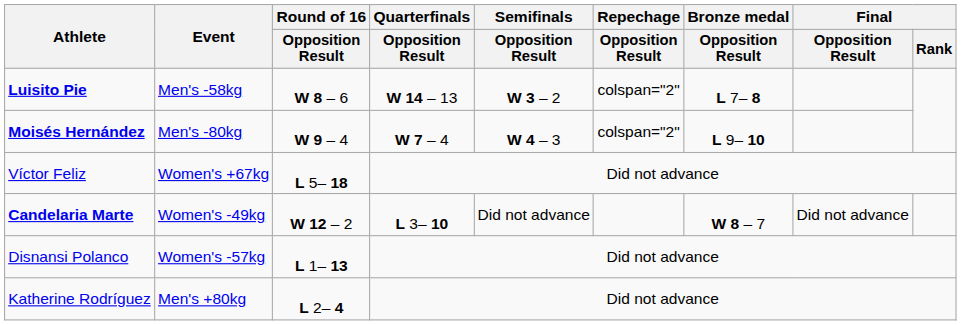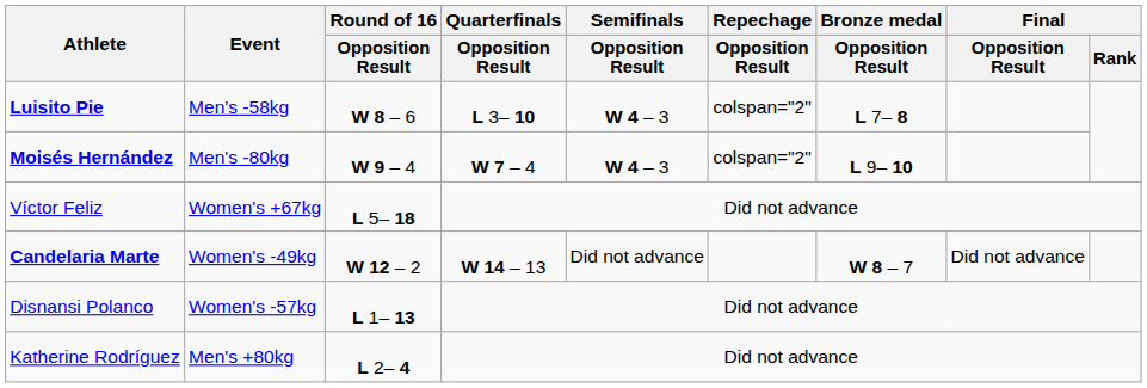 <table class="wikitable" style="font-size:90%">
 <tr>
 <th rowspan=2>Athlete</th>
 <th rowspan=2>Event</th>
 <th>Round of 16</th>
 <th>Quarterfinals</th>
 <th>Semifinals</th>
 <th>Repechage</th>
 <th>Bronze medal</th>
 <th colspan=2>Final</th>
 </tr>
 <tr style="font-size:95%">
 <th>Opposition<br>Result</th>
 <th>Opposition<br>Result</th>
 <th>Opposition<br>Result</th>
 <th>Opposition<br>Result</th>
 <th>Opposition<br>Result</th>
 <th>Opposition<br>Result</th>
 <th>Rank</th>
 </tr>
 <tr align=center>
 <td align=left><strong><a href='#'>Luisito Pie</a></strong></td>
 <td align=left><a href='#'>Men's -58kg</a></td>
 <td align=center><br><strong>W</strong> <strong>8</strong> – 6</td>
-<td align=center><br><strong>W</strong> <strong>14</strong> – 13</td>
-<td align=center><br><strong>W</strong> <strong>3</strong> – 2</td>
+<td align=center><br><strong>L</strong> 3– <strong>10</strong></td>
+<td align=center><br><strong>W</strong> <strong>4</strong> – 3</td>
 <td>colspan="2" </td>
 <td align=center><br><strong>L</strong> 7– <strong>8</strong></td>
 <td></td>
 </tr>
 <tr align=center>
 <td align=left><strong><a href='#'>Moisés Hernández</a></strong></td>
 <td align=left><a href='#'>Men's -80kg</a></td>
 <td align=center><br><strong>W</strong> <strong>9</strong> – 4</td>
 <td align=center><br><strong>W</strong> <strong>7</strong> – 4</td>
 <td align=center><br><strong>W</strong> <strong>4</strong> – 3</td>
 <td>colspan="2" </td>
 <td align=center><br><strong>L</strong> 9– <strong>10</strong></td>
 <td></td>
 </tr>
 <tr align=center>
 <td align=left><a href='#'>Víctor Feliz</a></td>
 <td align=left><a href='#'>Women's +67kg</a></td>
 <td align=center><br><strong>L</strong> 5– <strong>18</strong></td>
 <td colspan=6>Did not advance</td>
 </tr>
 <tr align=center>
 <td align=left><strong><a href='#'>Candelaria Marte</a></strong></td>
 <td align=left><a href='#'>Women's -49kg</a></td>
 <td align=center><br><strong>W</strong> <strong>12</strong> – 2</td>
-<td align=center><br><strong>L</strong> 3– <strong>10</strong></td>
+<td align=center><br><strong>W</strong> <strong>14</strong> – 13</td>
 <td>Did not advance</td>
 <td></td>
 <td align=center><br><strong>W</strong> <strong>8</strong> – 7</td>
 <td>Did not advance</td>
 <td></td>
 </tr>
 <tr align=center>
 <td align=left><a href='#'>Disnansi Polanco</a></td>
 <td align=left><a href='#'>Women's -57kg</a></td>
 <td align=center><br><strong>L</strong> 1– <strong>13</strong></td>
 <td colspan=6>Did not advance</td>
 </tr>
 <tr align=center>
 <td align=left><a href='#'>Katherine Rodríguez</a></td>
 <td align=left><a href='#'>Men's +80kg</a></td>
 <td align=center><br><strong>L</strong> 2– <strong>4</strong></td>
 <td colspan=6>Did not advance</td>
 </tr>
 </table>
